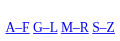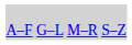 <table border="0" style="margin:auto;"  class="toccolours">
 <tr>
 <th></th>
 </tr>
 <tr>
-<td style="text-align:center;"><br><a href='#'>A–F</a> <a href='#'>G–L</a> <a href='#'>M–R</a> <a href='#'>S–Z</a> </td>
+<td style="background: lightgrey; text-align:center;"><br><a href='#'>A–F</a> <a href='#'>G–L</a> <a href='#'>M–R</a> <a href='#'>S–Z</a> </td>
 </tr>
 </table>
